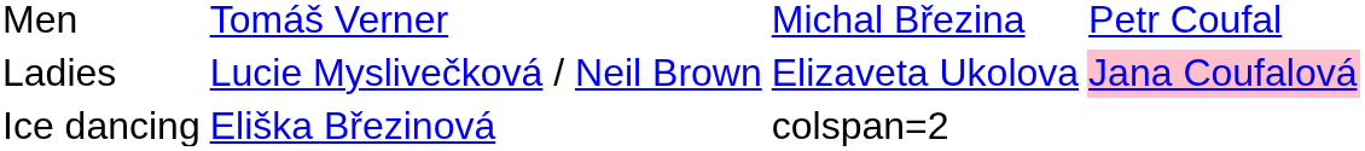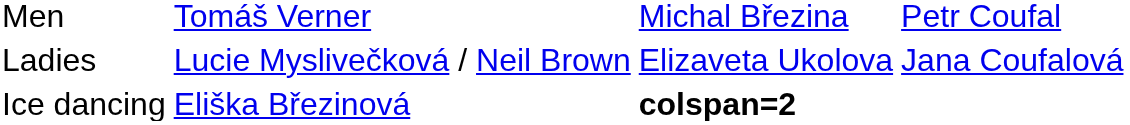 <table>
 <tr>
 <td>Men</td>
 <td><a href='#'>Tomáš Verner</a></td>
 <td><a href='#'>Michal Březina</a></td>
 <td><a href='#'>Petr Coufal</a></td>
 </tr>
 <tr>
 <td>Ladies</td>
 <td><a href='#'>Lucie Myslivečková</a> / <a href='#'>Neil Brown</a></td>
 <td><a href='#'>Elizaveta Ukolova</a></td>
-<td style="background: pink;"><a href='#'>Jana Coufalová</a></td>
+<td><a href='#'>Jana Coufalová</a></td>
 </tr>
 <tr>
 <td>Ice dancing</td>
 <td><a href='#'>Eliška Březinová</a></td>
-<td>colspan=2 </td>
+<td><strong>colspan=2 </strong></td>
 </tr>
 </table>
